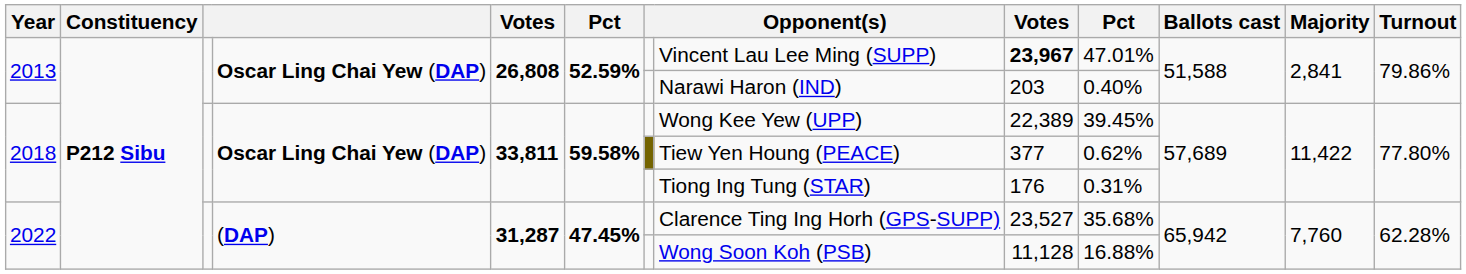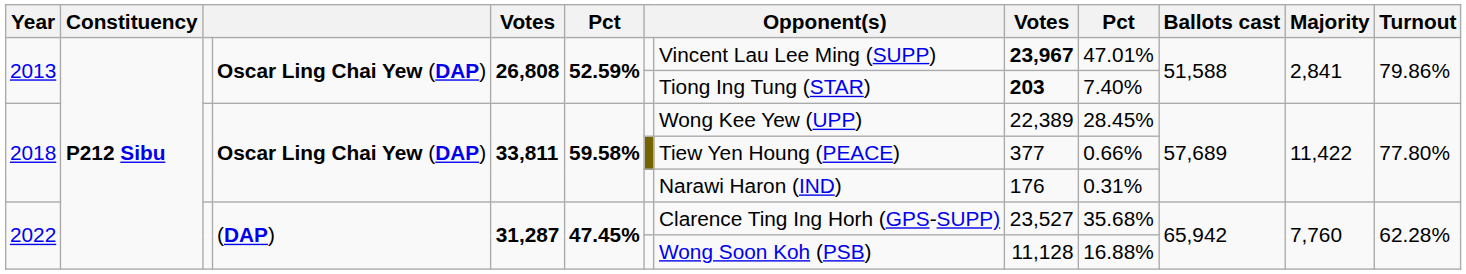 <table class="wikitable" style="margin:0.5em ; font-size:95%">
 <tr>
 <th>Year</th>
 <th>Constituency</th>
 <th colspan=2></th>
 <th>Votes</th>
 <th>Pct</th>
 <th colspan=2>Opponent(s)</th>
 <th>Votes</th>
 <th>Pct</th>
 <th>Ballots cast</th>
 <th>Majority</th>
 <th>Turnout</th>
 </tr>
 <tr>
 <td rowspan="2"><a href='#'>2013</a></td>
 <td rowspan="7"><strong>P212 <a href='#'>Sibu</a></strong></td>
 <td rowspan="2" ></td>
 <td rowspan="2"><strong>Oscar Ling Chai Yew</strong> (<a href='#'><strong>DAP</strong></a>)</td>
 <td rowspan="2"><strong>26,808</strong></td>
 <td rowspan="2"><strong>52.59%</strong></td>
 <td></td>
 <td>Vincent Lau Lee Ming (<a href='#'>SUPP</a>)</td>
 <td align="right"><strong>23,967</strong></td>
 <td>47.01%</td>
 <td rowspan="2">51,588</td>
 <td rowspan="2">2,841</td>
 <td rowspan="2">79.86%</td>
 </tr>
 <tr>
 <td></td>
-<td>Narawi Haron (<a href='#'>IND</a>)</td>
-<td>203</td>
-<td>0.40%</td>
+<td>Tiong Ing Tung (<a href='#'>STAR</a>)</td>
+<td><strong>203</strong></td>
+<td>7.40%</td>
 </tr>
 <tr>
 <td rowspan="3"><a href='#'>2018</a></td>
 <td rowspan="3" ></td>
 <td rowspan="3"><strong>Oscar Ling Chai Yew</strong> (<a href='#'><strong>DAP</strong></a>)</td>
 <td rowspan="3"><strong>33,811</strong></td>
 <td rowspan="3"><strong>59.58%</strong></td>
 <td></td>
 <td>Wong Kee Yew (<a href='#'>UPP</a>)</td>
 <td>22,389</td>
-<td>39.45%</td>
+<td>28.45%</td>
 <td rowspan="3">57,689</td>
 <td rowspan="3">11,422</td>
 <td rowspan="3">77.80%</td>
 </tr>
 <tr>
 <td bgcolor="#74764D;"></td>
 <td>Tiew Yen Houng (<a href='#'>PEACE</a>)</td>
 <td>377</td>
-<td>0.62%</td>
+<td>0.66%</td>
 </tr>
 <tr>
 <td></td>
-<td>Tiong Ing Tung (<a href='#'>STAR</a>)</td>
+<td>Narawi Haron (<a href='#'>IND</a>)</td>
 <td>176</td>
 <td>0.31%</td>
 </tr>
 <tr>
 <td rowspan=2><a href='#'>2022</a></td>
 <td rowspan=2 ></td>
 <td rowspan=2> (<a href='#'><strong>DAP</strong></a>)</td>
 <td rowspan=2 align="right"><strong>31,287</strong></td>
 <td rowspan=2><strong>47.45%</strong></td>
 <td></td>
 <td>Clarence Ting Ing Horh (<a href='#'>GPS</a>-<a href='#'>SUPP)</a></td>
 <td align="right">23,527</td>
 <td>35.68%</td>
 <td rowspan="2">65,942</td>
 <td rowspan="2">7,760</td>
 <td rowspan="2">62.28%</td>
 </tr>
 <tr>
 <td style="background-color:"></td>
 <td><a href='#'>Wong Soon Koh</a> (<a href='#'>PSB</a>)</td>
 <td align="right">11,128</td>
 <td>16.88%</td>
 </tr>
 </table>
